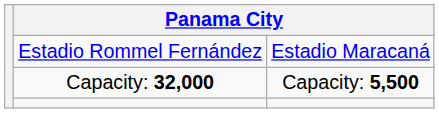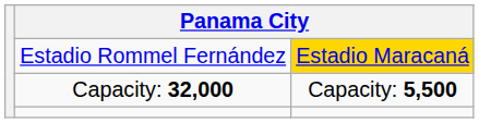 <table class="wikitable" style="text-align:center">
 <tr>
 <th rowspan="4"></th>
 <th colspan=2><a href='#'>Panama City</a></th>
 </tr>
 <tr>
 <td><a href='#'>Estadio Rommel Fernández</a></td>
-<td><a href='#'>Estadio Maracaná</a></td>
+<td style="background: gold;"><a href='#'>Estadio Maracaná</a></td>
 </tr>
 <tr>
 <td>Capacity: <strong>32,000</strong></td>
 <td>Capacity: <strong>5,500</strong></td>
 </tr>
 <tr>
 <td></td>
 <td></td>
 </tr>
 </table>
